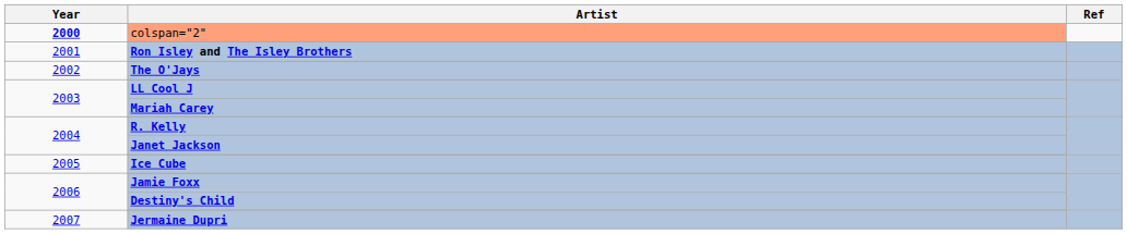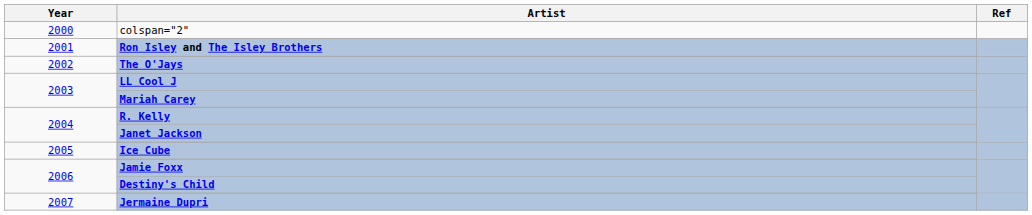 <table class="wikitable" style="width:100%;">
 <tr style="background:#bebebe;">
 <th style="width:11%;">Year</th>
 <th style="width:84%;">Artist</th>
 <th style="width:5%;">Ref</th>
 </tr>
 <tr>
-<td align="center"><strong><a href='#'>2000</a></strong></td>
-<td style="background: lightsalmon;">colspan="2" </td>
+<td align="center"><a href='#'>2000</a></td>
+<td>colspan="2" </td>
 </tr>
 <tr>
 <td rowspan="2" align="center"><a href='#'>2001</a></td>
 </tr>
 <tr style="background:#B0C4DE">
 <td><strong><a href='#'>Ron Isley</a> and <a href='#'>The Isley Brothers</a></strong></td>
 <td rowspan="2" align="center"></td>
 </tr>
 <tr>
 <td rowspan="2" align="center"><a href='#'>2002</a></td>
 </tr>
 <tr style="background:#B0C4DE">
 <td><strong><a href='#'>The O'Jays</a></strong></td>
 <td rowspan="2" align="center"></td>
 </tr>
 <tr>
 <td rowspan="3" align="center"><a href='#'>2003</a></td>
 </tr>
 <tr style="background:#B0C4DE">
 <td><strong><a href='#'>LL Cool J</a></strong> </td>
 <td rowspan="3" align="center"></td>
 </tr>
 <tr style="background:#B0C4DE">
 <td><strong><a href='#'>Mariah Carey</a></strong> </td>
 </tr>
 <tr>
 <td rowspan="3" align="center"><a href='#'>2004</a></td>
 </tr>
 <tr style="background:#B0C4DE">
 <td><strong><a href='#'>R. Kelly</a></strong> </td>
 <td rowspan="3" align="center"></td>
 </tr>
 <tr style="background:#B0C4DE">
 <td><strong><a href='#'>Janet Jackson</a></strong> </td>
 </tr>
 <tr>
 <td rowspan="2" align="center"><a href='#'>2005</a></td>
 </tr>
 <tr style="background:#B0C4DE">
 <td><strong><a href='#'>Ice Cube</a></strong></td>
 <td rowspan="2" align="center"></td>
 </tr>
 <tr>
 <td rowspan="3" align="center"><a href='#'>2006</a></td>
 </tr>
 <tr style="background:#B0C4DE">
 <td><strong><a href='#'>Jamie Foxx</a></strong> </td>
 <td rowspan="3" align="center"></td>
 </tr>
 <tr style="background:#B0C4DE">
 <td><strong><a href='#'>Destiny's Child</a></strong> </td>
 </tr>
 <tr>
 <td rowspan="2" align="center"><a href='#'>2007</a></td>
 </tr>
 <tr style="background:#B0C4DE">
 <td><strong><a href='#'>Jermaine Dupri</a></strong></td>
 <td rowspan="2" align="center"></td>
 </tr>
 </table>
